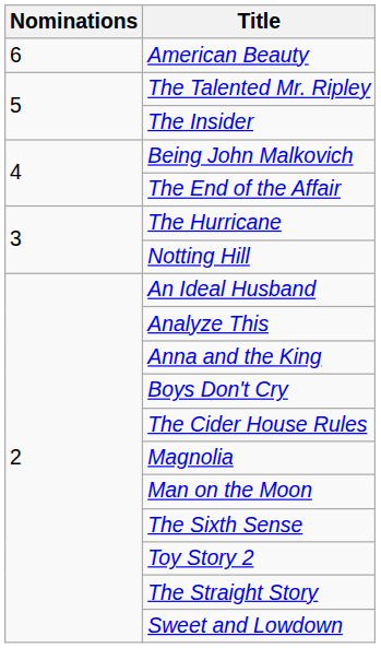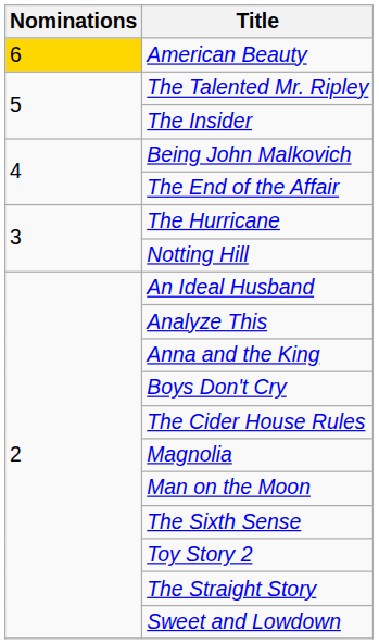 <table class="wikitable">
 <tr>
 <th>Nominations</th>
 <th>Title</th>
 </tr>
 <tr>
-<td>6</td>
+<td style="background: gold;">6</td>
 <td><em><a href='#'>American Beauty</a></em></td>
 </tr>
 <tr>
 <td rowspan="2">5</td>
 <td><em><a href='#'>The Talented Mr. Ripley</a></em></td>
 </tr>
 <tr>
 <td><em><a href='#'>The Insider</a></em></td>
 </tr>
 <tr>
 <td rowspan="2">4</td>
 <td><em><a href='#'>Being John Malkovich</a></em></td>
 </tr>
 <tr>
 <td><em><a href='#'>The End of the Affair</a></em></td>
 </tr>
 <tr>
 <td rowspan="2">3</td>
 <td><em><a href='#'>The Hurricane</a></em></td>
 </tr>
 <tr>
 <td><em><a href='#'>Notting Hill</a></em></td>
 </tr>
 <tr>
 <td rowspan="11">2</td>
 <td><em><a href='#'>An Ideal Husband</a></em></td>
 </tr>
 <tr>
 <td><em><a href='#'>Analyze This</a></em></td>
 </tr>
 <tr>
 <td><em><a href='#'>Anna and the King</a></em></td>
 </tr>
 <tr>
 <td><em><a href='#'>Boys Don't Cry</a></em></td>
 </tr>
 <tr>
 <td><em><a href='#'>The Cider House Rules</a></em></td>
 </tr>
 <tr>
 <td><em><a href='#'>Magnolia</a></em></td>
 </tr>
 <tr>
 <td><em><a href='#'>Man on the Moon</a></em></td>
 </tr>
 <tr>
 <td><em><a href='#'>The Sixth Sense</a></em></td>
 </tr>
 <tr>
 <td><em><a href='#'>Toy Story 2</a></em></td>
 </tr>
 <tr>
 <td><em><a href='#'>The Straight Story</a></em></td>
 </tr>
 <tr>
 <td><em><a href='#'>Sweet and Lowdown</a></em></td>
 </tr>
 </table>
